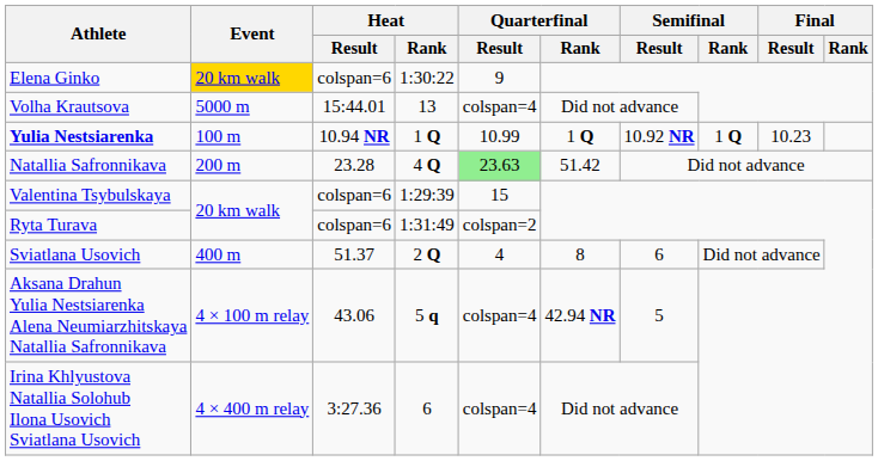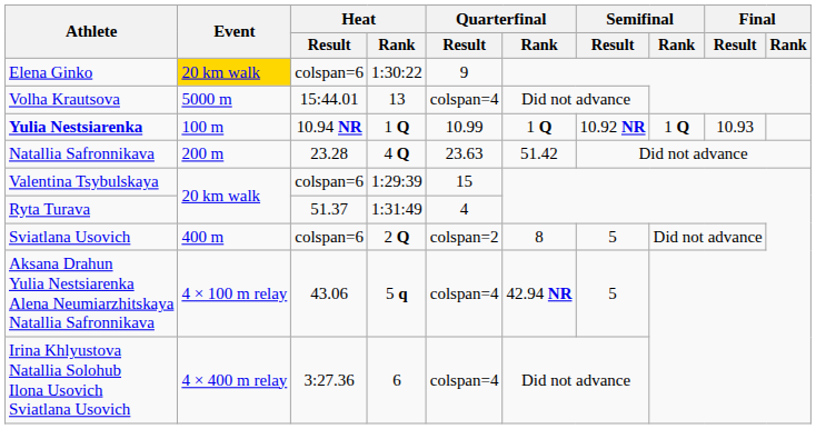 <table class=wikitable style="font-size:90%">
 <tr>
 <th rowspan="2">Athlete</th>
 <th rowspan="2">Event</th>
 <th colspan="2">Heat</th>
 <th colspan="2">Quarterfinal</th>
 <th colspan="2">Semifinal</th>
 <th colspan="2">Final</th>
 </tr>
 <tr style="font-size:95%">
 <th>Result</th>
 <th>Rank</th>
 <th>Result</th>
 <th>Rank</th>
 <th>Result</th>
 <th>Rank</th>
 <th>Result</th>
 <th>Rank</th>
 </tr>
 <tr align=center>
 <td align=left><a href='#'>Elena Ginko</a></td>
 <td align=left style="background: gold;"><a href='#'>20 km walk</a></td>
 <td>colspan=6 </td>
 <td>1:30:22</td>
 <td>9</td>
 </tr>
 <tr align=center>
 <td align=left><a href='#'>Volha Krautsova</a></td>
 <td align=left><a href='#'>5000 m</a></td>
 <td>15:44.01</td>
 <td>13</td>
 <td>colspan=4 </td>
 <td colspan=2>Did not advance</td>
 </tr>
 <tr align=center>
 <td align=left><strong><a href='#'>Yulia Nestsiarenka</a></strong></td>
 <td align=left><a href='#'>100 m</a></td>
 <td>10.94 <strong><a href='#'>NR</a></strong></td>
 <td>1 <strong>Q</strong></td>
 <td>10.99</td>
 <td>1 <strong>Q</strong></td>
 <td>10.92 <strong><a href='#'>NR</a></strong></td>
 <td>1 <strong>Q</strong></td>
-<td>10.23</td>
+<td>10.93</td>
 <td></td>
 </tr>
 <tr align=center>
 <td align=left><a href='#'>Natallia Safronnikava</a></td>
 <td align=left><a href='#'>200 m</a></td>
 <td>23.28</td>
 <td>4 <strong>Q</strong></td>
-<td style="background: lightgreen;">23.63</td>
+<td>23.63</td>
 <td>51.42</td>
 <td colspan=4>Did not advance</td>
 </tr>
 <tr align=center>
 <td align=left><a href='#'>Valentina Tsybulskaya</a></td>
 <td align=left rowspan=2><a href='#'>20 km walk</a></td>
 <td>colspan=6 </td>
 <td>1:29:39</td>
 <td>15</td>
 </tr>
 <tr align=center>
 <td align=left><a href='#'>Ryta Turava</a></td>
-<td>colspan=6 </td>
+<td>51.37</td>
 <td>1:31:49</td>
-<td>colspan=2 </td>
+<td>4</td>
 </tr>
 <tr align=center>
 <td align=left><a href='#'>Sviatlana Usovich</a></td>
 <td align=left><a href='#'>400 m</a></td>
-<td>51.37</td>
+<td>colspan=6 </td>
 <td>2 <strong>Q</strong></td>
-<td>4</td>
+<td>colspan=2 </td>
 <td>8</td>
-<td>6</td>
+<td>5</td>
 <td colspan=2>Did not advance</td>
 </tr>
 <tr align=center>
 <td align=left><a href='#'>Aksana Drahun</a><br><a href='#'>Yulia Nestsiarenka</a><br><a href='#'>Alena Neumiarzhitskaya</a><br><a href='#'>Natallia Safronnikava</a></td>
 <td align=left><a href='#'>4 × 100 m relay</a></td>
 <td>43.06</td>
 <td>5 <strong>q</strong></td>
 <td>colspan=4 </td>
 <td>42.94 <strong><a href='#'>NR</a></strong></td>
 <td>5</td>
 </tr>
 <tr align=center>
 <td align=left><a href='#'>Irina Khlyustova</a><br><a href='#'>Natallia Solohub</a><br><a href='#'>Ilona Usovich</a><br><a href='#'>Sviatlana Usovich</a></td>
 <td align=left><a href='#'>4 × 400 m relay</a></td>
 <td>3:27.36</td>
 <td>6</td>
 <td>colspan=4 </td>
 <td colspan=2>Did not advance</td>
 </tr>
 </table>
